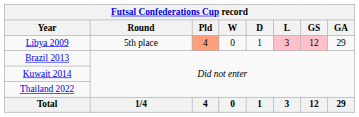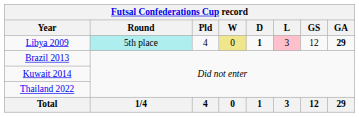 <table class="wikitable" style="text-align:center;font-size:90%;">
 <tr>
 <th colspan="8"><a href='#'>Futsal Confederations Cup</a> record</th>
 </tr>
 <tr>
 <th width="125">Year</th>
 <th width="150">Round</th>
 <th width="35">Pld</th>
 <th width="35">W</th>
 <th width="35">D</th>
 <th width="35">L</th>
 <th width="35">GS</th>
 <th width="35">GA</th>
 </tr>
 <tr>
 <td><a href='#'>Libya 2009</a></td>
-<td>5th place</td>
-<td style="background: lightsalmon;">4</td>
-<td>0</td>
-<td>1</td>
+<td style="background: paleturquoise;">5th place</td>
+<td>4</td>
+<td style="background: khaki;">0</td>
+<td><strong>1</strong></td>
 <td style="background: pink;">3</td>
-<td style="background: pink;">12</td>
-<td>29</td>
+<td>12</td>
+<td><strong>29</strong></td>
 </tr>
 <tr>
 <td><a href='#'>Brazil 2013</a></td>
 <td colspan=7 rowspan=3><em>Did not enter</em></td>
 </tr>
 <tr>
 <td><a href='#'>Kuwait 2014</a></td>
 </tr>
 <tr>
 <td><a href='#'>Thailand 2022</a></td>
 </tr>
 <tr>
 <th><strong>Total</strong></th>
 <th>1/4</th>
 <th>4</th>
 <th>0</th>
 <th>1</th>
 <th>3</th>
 <th>12</th>
 <th>29</th>
 </tr>
 </table>
